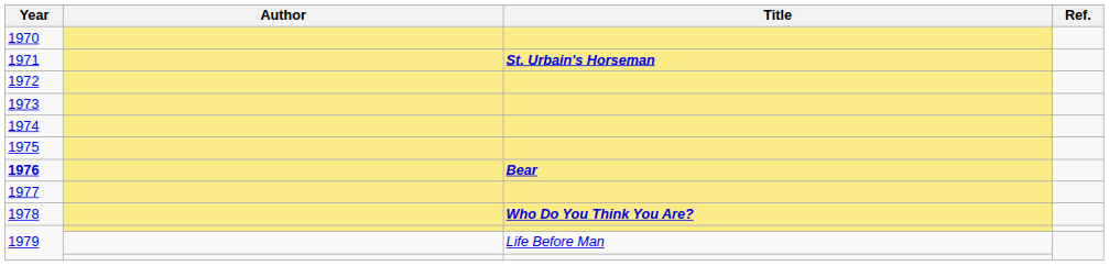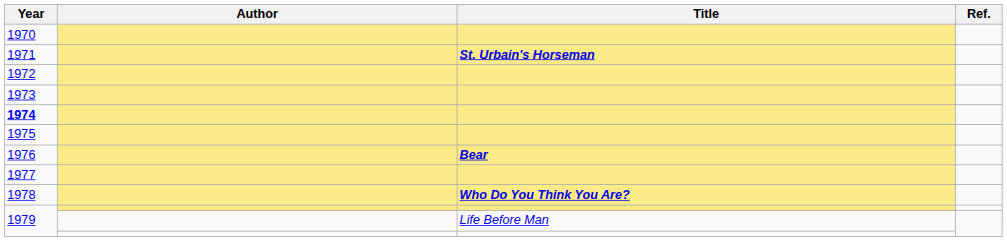 <table class="wikitable sortable mw-collapsible" width="100%">
 <tr>
 <th>Year</th>
 <th width="40%">Author</th>
 <th width="50%">Title</th>
 <th>Ref.</th>
 </tr>
 <tr>
 <td><a href='#'>1970</a></td>
 <td style="background:#FAEB86"><strong></strong></td>
 <td style="background:#FAEB86"><strong><em></em></strong></td>
 <td></td>
 </tr>
 <tr>
 <td><a href='#'>1971</a></td>
 <td style="background:#FAEB86"><strong></strong></td>
 <td style="background:#FAEB86"><strong><em><a href='#'>St. Urbain's Horseman</a></em></strong></td>
 <td></td>
 </tr>
 <tr>
 <td><a href='#'>1972</a></td>
 <td style="background:#FAEB86"><strong> </strong></td>
 <td style="background:#FAEB86"><strong><em></em></strong></td>
 <td></td>
 </tr>
 <tr>
 <td><a href='#'>1973</a></td>
 <td style="background:#FAEB86"><strong></strong></td>
 <td style="background:#FAEB86"><strong><em></em></strong></td>
 <td></td>
 </tr>
 <tr>
-<td><a href='#'>1974</a></td>
+<td><strong><a href='#'>1974</a></strong></td>
 <td style="background:#FAEB86"><strong></strong></td>
 <td style="background:#FAEB86"><strong><em></em></strong></td>
 <td></td>
 </tr>
 <tr>
 <td><a href='#'>1975</a></td>
 <td style="background:#FAEB86"><strong> </strong></td>
 <td style="background:#FAEB86"><strong><em></em></strong></td>
 <td></td>
 </tr>
 <tr>
-<td><strong><a href='#'>1976</a></strong></td>
+<td><a href='#'>1976</a></td>
 <td style="background:#FAEB86"><strong> </strong></td>
 <td style="background:#FAEB86"><strong><em><a href='#'>Bear</a></em></strong></td>
 <td></td>
 </tr>
 <tr>
 <td><a href='#'>1977</a></td>
 <td style="background:#FAEB86"><strong> </strong></td>
 <td style="background:#FAEB86"><strong><em></em></strong></td>
 <td></td>
 </tr>
 <tr>
 <td><a href='#'>1978</a></td>
 <td style="background:#FAEB86"><strong> </strong></td>
 <td style="background:#FAEB86"><strong><em><a href='#'>Who Do You Think You Are?</a></em></strong></td>
 <td></td>
 </tr>
 <tr>
 <td rowspan="3"><a href='#'>1979</a></td>
 <td style="background:#FAEB86"><strong> </strong></td>
 <td style="background:#FAEB86"><strong><em></em></strong></td>
 <td></td>
 </tr>
 <tr>
 <td></td>
 <td><em><a href='#'>Life Before Man</a></em></td>
 <td rowspan=2></td>
 </tr>
 <tr>
 <td></td>
 <td><em></em></td>
 </tr>
 </table>
